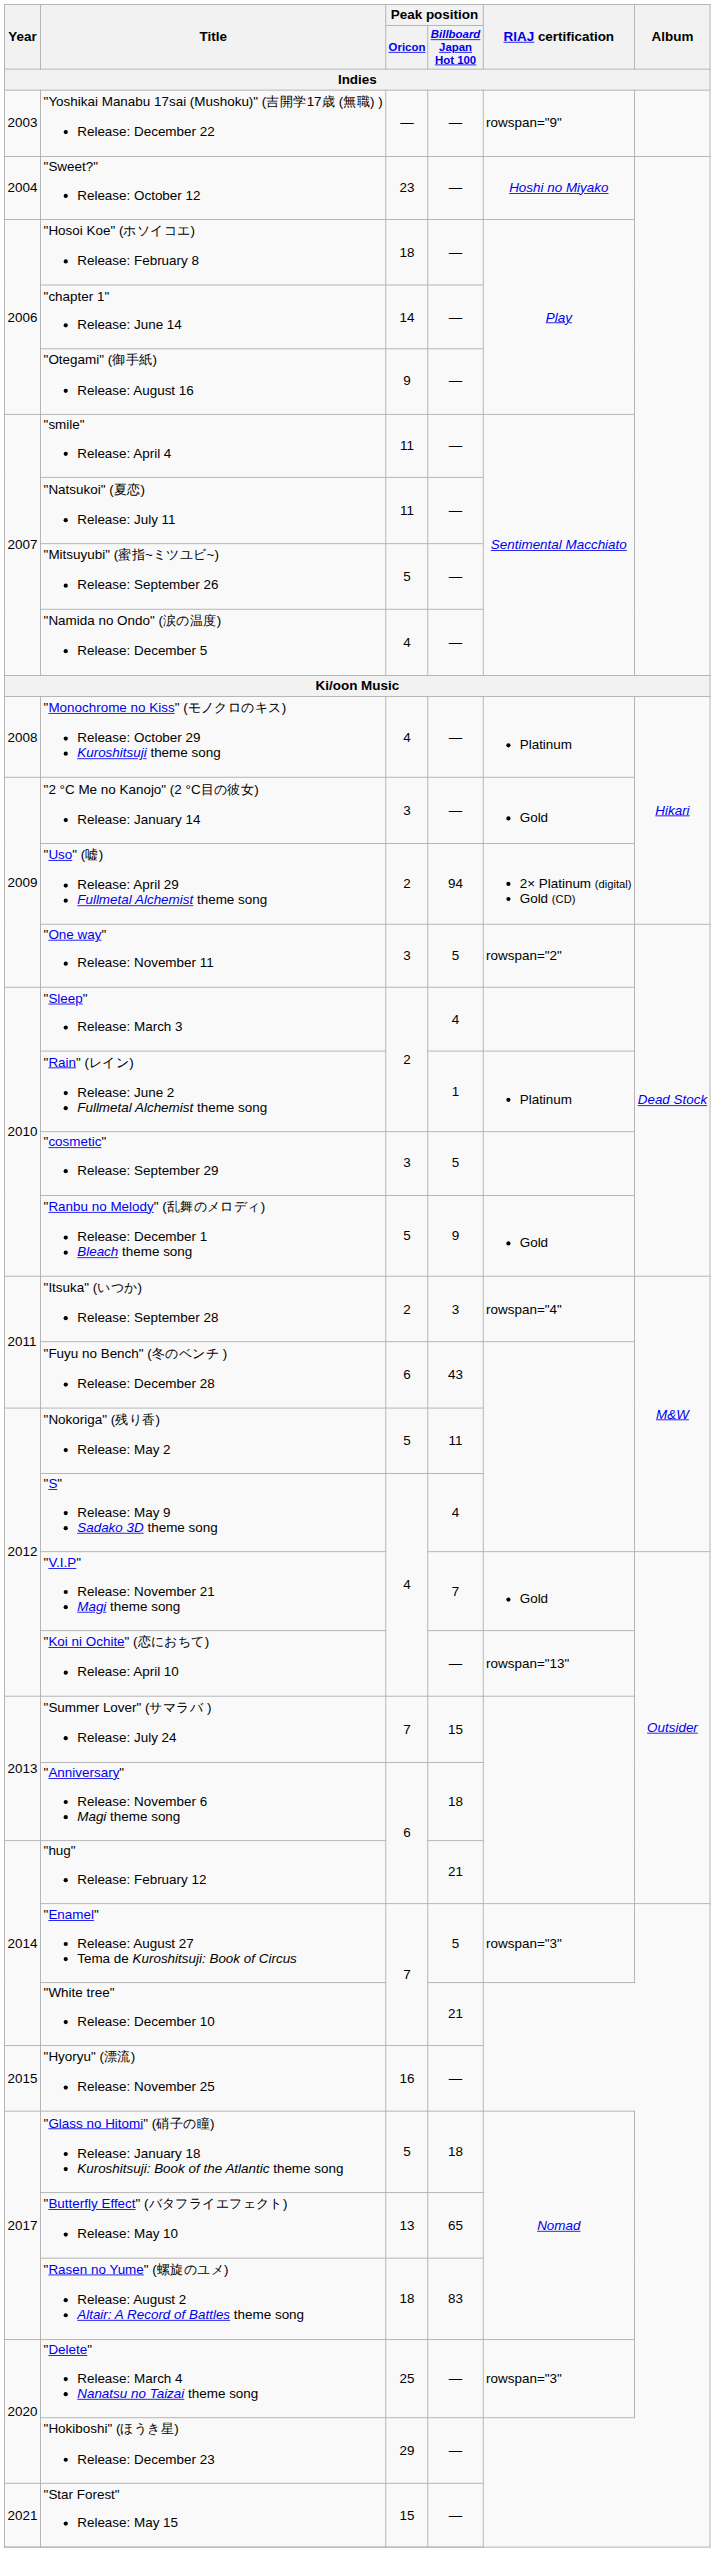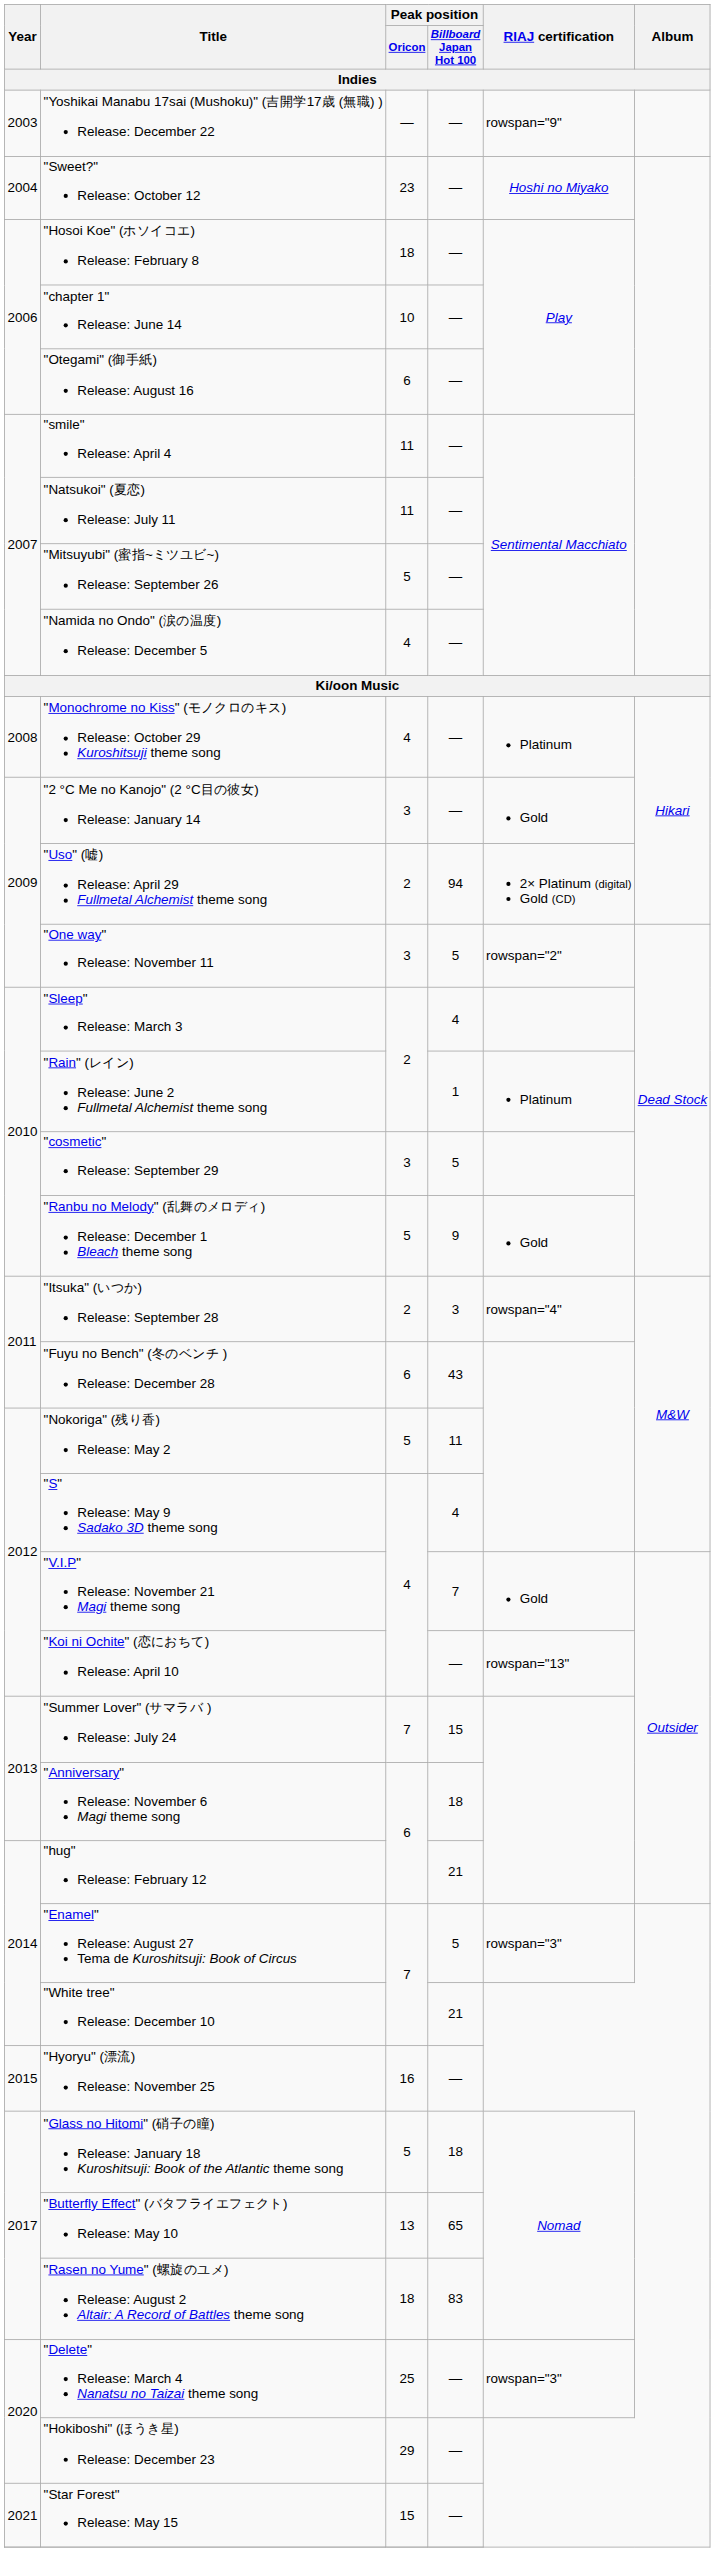 <table class="wikitable">
 <tr>
 <th scope="col" rowspan="2">Year</th>
 <th scope="col" rowspan="2">Title</th>
 <th scope="col" colspan="2">Peak position</th>
 <th scope="col" rowspan="2"><a href='#'>RIAJ</a> certification</th>
 <th scope="col" rowspan="2">Album</th>
 </tr>
 <tr>
 <th scope="col" style="width:3em;font-size:85%;"><a href='#'>Oricon</a></th>
 <th scope="col" style="width:3em;font-size:85%;"><a href='#'><em>Billboard</em> Japan Hot 100</a></th>
 </tr>
 <tr>
 <th colspan="6">Indies</th>
 </tr>
 <tr>
 <td>2003</td>
 <td>"Yoshikai Manabu 17sai (Mushoku)" (吉開学17歳 (無職) )<br><ul><li>Release: December 22</li></ul></td>
 <td style="text-align:center;">—</td>
 <td style="text-align:center;">—</td>
 <td>rowspan="9" </td>
 <td></td>
 </tr>
 <tr>
 <td>2004</td>
 <td>"Sweet?"<br><ul><li>Release: October 12</li></ul></td>
 <td style="text-align:center;">23</td>
 <td style="text-align:center;">—</td>
 <td style="text-align:center;"><em><a href='#'>Hoshi no Miyako</a></em></td>
 </tr>
 <tr>
 <td rowspan="3">2006</td>
 <td>"Hosoi Koe" (ホソイコエ)<br><ul><li>Release: February 8</li></ul></td>
 <td style="text-align:center;">18</td>
 <td style="text-align:center;">—</td>
 <td rowspan="3"; style="text-align:center;"><em><a href='#'>Play</a></em></td>
 </tr>
 <tr>
 <td>"chapter 1"<br><ul><li>Release: June 14</li></ul></td>
-<td style="text-align:center;">14</td>
+<td style="text-align:center;">10</td>
 <td style="text-align:center;">—</td>
 </tr>
 <tr>
 <td>"Otegami" (御手紙)<br><ul><li>Release: August 16</li></ul></td>
-<td style="text-align:center;">9</td>
+<td style="text-align:center;">6</td>
 <td style="text-align:center;">—</td>
 </tr>
 <tr>
 <td rowspan="4">2007</td>
 <td>"smile"<br><ul><li>Release: April 4</li></ul></td>
 <td style="text-align:center;">11</td>
 <td style="text-align:center;">—</td>
 <td rowspan="4"; style="text-align:center;"><em><a href='#'>Sentimental Macchiato</a></em></td>
 </tr>
 <tr>
 <td>"Natsukoi" (夏恋)<br><ul><li>Release: July 11</li></ul></td>
 <td style="text-align:center;">11</td>
 <td style="text-align:center;">—</td>
 </tr>
 <tr>
 <td>"Mitsuyubi" (蜜指~ミツユビ~)<br><ul><li>Release: September 26</li></ul></td>
 <td style="text-align:center;">5</td>
 <td style="text-align:center;">—</td>
 </tr>
 <tr>
 <td>"Namida no Ondo" (涙の温度)<br><ul><li>Release: December 5</li></ul></td>
 <td style="text-align:center;">4</td>
 <td style="text-align:center;">—</td>
 </tr>
 <tr>
 <th colspan="6">Ki/oon Music</th>
 </tr>
 <tr>
 <td>2008</td>
 <td>"<a href='#'>Monochrome no Kiss</a>" (モノクロのキス)<br><ul><li>Release: October 29</li><li><em><a href='#'>Kuroshitsuji</a></em> theme song</li></ul></td>
 <td style="text-align:center;">4</td>
 <td style="text-align:center;">—</td>
 <td><br><ul><li>Platinum</li></ul></td>
 <td rowspan="3"; style="text-align:center;"><em><a href='#'>Hikari</a></em></td>
 </tr>
 <tr>
 <td rowspan="3">2009</td>
 <td>"2 °C Me no Kanojo" (2 °C目の彼女)<br><ul><li>Release: January 14</li></ul></td>
 <td style="text-align:center;">3</td>
 <td style="text-align:center;">—</td>
 <td><br><ul><li>Gold</li></ul></td>
 </tr>
 <tr>
 <td>"<a href='#'>Uso</a>" (嘘)<br><ul><li>Release: April 29</li><li><em><a href='#'>Fullmetal Alchemist</a></em> theme song</li></ul></td>
 <td style="text-align:center;">2</td>
 <td style="text-align:center;">94</td>
 <td><br><ul><li>2× Platinum <small>(digital)</small></li><li>Gold <small>(CD)</small></li></ul></td>
 </tr>
 <tr>
 <td>"<a href='#'>One way</a>"<br><ul><li>Release: November 11</li></ul></td>
 <td style="text-align:center;">3</td>
 <td style="text-align:center;">5</td>
 <td>rowspan="2" </td>
 <td rowspan="5"; style="text-align:center;"><em><a href='#'>Dead Stock</a></em></td>
 </tr>
 <tr>
 <td rowspan="4">2010</td>
 <td>"<a href='#'>Sleep</a>"<br><ul><li>Release: March 3</li></ul></td>
 <td rowspan="2"; style="text-align:center;">2</td>
 <td style="text-align:center;">4</td>
 </tr>
 <tr>
 <td>"<a href='#'>Rain</a>" (レイン)<br><ul><li>Release: June 2</li><li><em>Fullmetal Alchemist</em> theme song</li></ul></td>
 <td style="text-align:center;">1</td>
 <td><br><ul><li>Platinum</li></ul></td>
 </tr>
 <tr>
 <td>"<a href='#'>cosmetic</a>"<br><ul><li>Release: September 29</li></ul></td>
 <td style="text-align:center;">3</td>
 <td style="text-align:center;">5</td>
 <td></td>
 </tr>
 <tr>
 <td>"<a href='#'>Ranbu no Melody</a>" (乱舞のメロディ)<br><ul><li>Release: December 1</li><li><em><a href='#'>Bleach</a></em> theme song</li></ul></td>
 <td style="text-align:center;">5</td>
 <td style="text-align:center;">9</td>
 <td><br><ul><li>Gold</li></ul></td>
 </tr>
 <tr>
 <td rowspan="2">2011</td>
 <td>"Itsuka" (いつか)<br><ul><li>Release: September 28</li></ul></td>
 <td style="text-align:center;">2</td>
 <td style="text-align:center;">3</td>
 <td>rowspan="4" </td>
 <td rowspan="4"; style="text-align:center;"><em><a href='#'>M&W</a></em></td>
 </tr>
 <tr>
 <td>"Fuyu no Bench" (冬のベンチ )<br><ul><li>Release: December 28</li></ul></td>
 <td style="text-align:center;">6</td>
 <td style="text-align:center;">43</td>
 </tr>
 <tr>
 <td rowspan="4">2012</td>
 <td>"Nokoriga" (残り香)<br><ul><li>Release: May 2</li></ul></td>
 <td style="text-align:center;">5</td>
 <td style="text-align:center;">11</td>
 </tr>
 <tr>
 <td>"<a href='#'>S</a>"<br><ul><li>Release: May 9</li><li><em><a href='#'>Sadako 3D</a></em> theme song</li></ul></td>
 <td rowspan="3"; style="text-align:center;">4</td>
 <td style="text-align:center;">4</td>
 </tr>
 <tr>
 <td>"<a href='#'>V.I.P</a>"<br><ul><li>Release: November 21</li><li><em><a href='#'>Magi</a></em> theme song</li></ul></td>
 <td style="text-align:center;">7</td>
 <td><br><ul><li>Gold</li></ul></td>
 <td rowspan="5"; style="text-align:center;"><em><a href='#'>Outsider</a></em></td>
 </tr>
 <tr>
 <td>"<a href='#'>Koi ni Ochite</a>" (恋におちて)<br><ul><li>Release: April 10</li></ul></td>
 <td style="text-align:center;">—</td>
 <td>rowspan="13" </td>
 </tr>
 <tr>
 <td rowspan="2">2013</td>
 <td>"Summer Lover" (サマラバ )<br><ul><li>Release: July 24</li></ul></td>
 <td style="text-align:center;">7</td>
 <td style="text-align:center;">15</td>
 </tr>
 <tr>
 <td>"<a href='#'>Anniversary</a>"<br><ul><li>Release: November 6</li><li><em>Magi</em> theme song</li></ul></td>
 <td rowspan="2"; style="text-align:center;">6</td>
 <td style="text-align:center;">18</td>
 </tr>
 <tr>
 <td rowspan="3">2014</td>
 <td>"hug"<br><ul><li>Release: February 12</li></ul></td>
 <td style="text-align:center;">21</td>
 </tr>
 <tr>
 <td>"<a href='#'>Enamel</a>"<br><ul><li>Release: August 27</li><li>Tema de <em>Kuroshitsuji: Book of Circus</em></li></ul></td>
 <td rowspan="2"; style="text-align:center;">7</td>
 <td style="text-align:center;">5</td>
 <td>rowspan="3" </td>
 </tr>
 <tr>
 <td>"White tree"<br><ul><li>Release: December 10</li></ul></td>
 <td style="text-align:center;">21</td>
 </tr>
 <tr>
 <td>2015</td>
 <td>"Hyoryu" (漂流)<br><ul><li>Release: November 25</li></ul></td>
 <td style="text-align:center;">16</td>
 <td style="text-align:center;">—</td>
 </tr>
 <tr>
 <td rowspan="3">2017</td>
 <td>"<a href='#'>Glass no Hitomi</a>" (硝子の瞳)<br><ul><li>Release: January 18</li><li><em>Kuroshitsuji: Book of the Atlantic</em> theme song</li></ul></td>
 <td style="text-align:center;">5</td>
 <td style="text-align:center;">18</td>
 <td rowspan="3"; style="text-align:center;"><em><a href='#'>Nomad</a></em></td>
 </tr>
 <tr>
 <td>"<a href='#'>Butterfly Effect</a>" (バタフライエフェクト)<br><ul><li>Release: May 10</li></ul></td>
 <td style="text-align:center;">13</td>
 <td style="text-align:center;">65</td>
 </tr>
 <tr>
 <td>"<a href='#'>Rasen no Yume</a>" (螺旋のユメ)<br><ul><li>Release: August 2</li><li><em><a href='#'>Altair: A Record of Battles</a></em> theme song</li></ul></td>
 <td style="text-align:center;">18</td>
 <td style="text-align:center;">83</td>
 </tr>
 <tr>
 <td rowspan="2">2020</td>
 <td>"<a href='#'>Delete</a>"<br><ul><li>Release: March 4</li><li><em><a href='#'>Nanatsu no Taizai</a></em> theme song</li></ul></td>
 <td style="text-align:center;">25</td>
 <td style="text-align:center;">—</td>
 <td>rowspan="3" </td>
 </tr>
 <tr>
 <td>"Hokiboshi" (ほうき星)<br><ul><li>Release: December 23</li></ul></td>
 <td style="text-align:center;">29</td>
 <td style="text-align:center;">—</td>
 </tr>
 <tr>
 <td>2021</td>
 <td>"Star Forest"<br><ul><li>Release: May 15</li></ul></td>
 <td style="text-align:center;">15</td>
 <td style="text-align:center;">—</td>
 </tr>
 <tr>
 </tr>
 </table>
